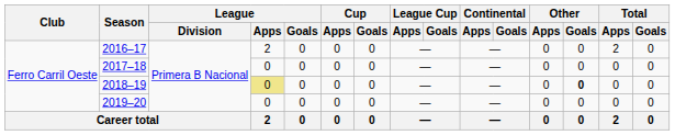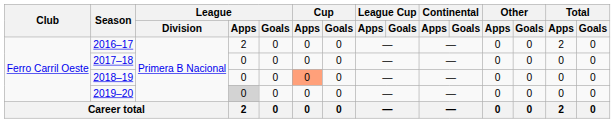 <table class="wikitable" style="text-align:center">
 <tr>
 <th rowspan="2">Club</th>
 <th rowspan="2">Season</th>
 <th colspan="3">League</th>
 <th colspan="2">Cup</th>
 <th colspan="2">League Cup</th>
 <th colspan="2">Continental</th>
 <th colspan="2">Other</th>
 <th colspan="2">Total</th>
 </tr>
 <tr>
 <th>Division</th>
 <th>Apps</th>
 <th>Goals</th>
 <th>Apps</th>
 <th>Goals</th>
 <th>Apps</th>
 <th>Goals</th>
 <th>Apps</th>
 <th>Goals</th>
 <th>Apps</th>
 <th>Goals</th>
 <th>Apps</th>
 <th>Goals</th>
 </tr>
 <tr>
 <td rowspan="4"><a href='#'>Ferro Carril Oeste</a></td>
 <td><a href='#'>2016–17</a></td>
 <td rowspan="4"><a href='#'>Primera B Nacional</a></td>
 <td>2</td>
 <td>0</td>
 <td>0</td>
 <td>0</td>
 <td colspan="2">—</td>
 <td colspan="2">—</td>
 <td>0</td>
 <td>0</td>
 <td>2</td>
 <td>0</td>
 </tr>
 <tr>
 <td><a href='#'>2017–18</a></td>
 <td>0</td>
 <td>0</td>
 <td>0</td>
 <td>0</td>
 <td colspan="2">—</td>
 <td colspan="2">—</td>
 <td>0</td>
 <td>0</td>
 <td>0</td>
 <td>0</td>
 </tr>
 <tr>
 <td><a href='#'>2018–19</a></td>
-<td style="background: khaki;">0</td>
 <td>0</td>
 <td>0</td>
+<td style="background: lightsalmon;">0</td>
 <td>0</td>
 <td colspan="2">—</td>
 <td colspan="2">—</td>
 <td>0</td>
-<td><strong>0</strong></td>
+<td>0</td>
 <td>0</td>
 <td>0</td>
 </tr>
 <tr>
 <td><a href='#'>2019–20</a></td>
-<td>0</td>
+<td style="background: lightgrey;">0</td>
 <td>0</td>
 <td>0</td>
 <td>0</td>
 <td colspan="2">—</td>
 <td colspan="2">—</td>
 <td>0</td>
 <td>0</td>
 <td>0</td>
 <td>0</td>
 </tr>
 <tr>
 <th colspan="3">Career total</th>
 <th>2</th>
 <th>0</th>
 <th>0</th>
 <th>0</th>
 <th colspan="2">—</th>
 <th colspan="2">—</th>
 <th>0</th>
 <th>0</th>
 <th>2</th>
 <th>0</th>
 </tr>
 </table>
